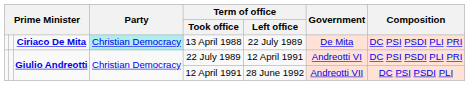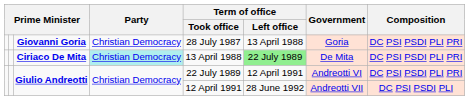 <table class="wikitable" style="text-align:center">
 <tr>
 <th colspan=3 rowspan=2>Prime Minister</th>
 <th rowspan=2>Party</th>
 <th colspan=2>Term of office</th>
 <th rowspan=2>Government</th>
 <th rowspan=2>Composition</th>
 </tr>
 <tr>
 <th>Took office</th>
 <th>Left office</th>
 </tr>
 <tr>
 <td style="background:"></td>
 <td></td>
+<td><strong><a href='#'>Giovanni Goria</a></strong><br></td>
+<td><a href='#'>Christian Democracy</a></td>
+<td>28 July 1987</td>
+<td>13 April 1988</td>
+<td bgcolor=#FFE2D5><a href='#'>Goria</a></td>
+<td bgcolor=#FFE2D5><a href='#'>DC</a>  <a href='#'>PSI</a>  <a href='#'>PSDI</a>  <a href='#'>PLI</a>  <a href='#'>PRI</a><br></td>
+</tr>
+<tr>
+<td style="background:"></td>
+<td></td>
 <td><strong><a href='#'>Ciriaco De Mita</a></strong><br></td>
 <td style="background: paleturquoise;"><a href='#'>Christian Democracy</a></td>
 <td>13 April 1988</td>
-<td>22 July 1989</td>
+<td style="background: lightgreen;">22 July 1989</td>
 <td bgcolor=#FFE2D5><a href='#'>De Mita</a></td>
 <td bgcolor=#FFE2D5><a href='#'>DC</a>  <a href='#'>PSI</a>  <a href='#'>PSDI</a>  <a href='#'>PLI</a>  <a href='#'>PRI</a><br></td>
 </tr>
 <tr>
 <td rowspan=2 style="background:"></td>
 <td rowspan=2></td>
 <td rowspan=2><strong><a href='#'>Giulio Andreotti</a></strong><br></td>
 <td rowspan=2><a href='#'>Christian Democracy</a></td>
 <td>22 July 1989</td>
 <td>12 April 1991</td>
 <td bgcolor=#FFE2D5><a href='#'>Andreotti VI</a></td>
 <td bgcolor=#FFE2D5><a href='#'>DC</a>  <a href='#'>PSI</a>  <a href='#'>PSDI</a>  <a href='#'>PLI</a>  <a href='#'>PRI</a><br></td>
 </tr>
 <tr>
 <td>12 April 1991</td>
 <td>28 June 1992</td>
 <td bgcolor=#FFE2D5><a href='#'>Andreotti VII</a></td>
 <td bgcolor=#FFE2D5><a href='#'>DC</a>  <a href='#'>PSI</a>  <a href='#'>PSDI</a>  <a href='#'>PLI</a> <br></td>
 </tr>
 </table>
